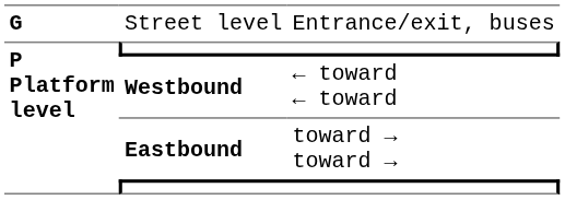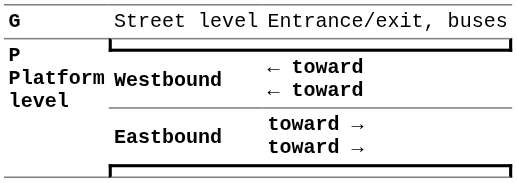 <table table border=0 cellspacing=0 cellpadding=3>
 <tr>
 <td style="border-top:solid 1px gray" width=50 valign=top><strong>G</strong></td>
 <td style="border-top:solid 1px gray" valign=top>Street level</td>
 <td style="border-top:solid 1px gray" valign=top>Entrance/exit, buses</td>
 </tr>
 <tr>
 <td style="border-top:solid 1px gray;border-bottom:solid 1px gray" width=50 rowspan=5 valign=top><strong>P <br>Platform level</strong></td>
 <td style="border-top:solid 1px gray;border-right:solid 2px black;border-left:solid 2px black;border-bottom:solid 2px black;text-align:center" colspan=2></td>
 </tr>
 <tr>
 <td style="border-bottom:solid 1px gray"><strong>Westbound</strong></td>
-<td style="border-bottom:solid 1px gray">←  toward  <br>←  toward  </td>
+<td style="border-bottom:solid 1px gray"><strong>←  toward  <br>←  toward  </strong></td>
 </tr>
 <tr>
 <td><strong>Eastbound</strong></td>
-<td>  toward   →<br>  toward   →</td>
+<td><strong>  toward   →<br>  toward   →</strong></td>
 </tr>
 <tr>
 <td style="border-right:solid 2px black;border-left:solid 2px black;border-top:solid 2px black;border-bottom:solid 1px gray;text-align:center" colspan=2></td>
 </tr>
 </table>
